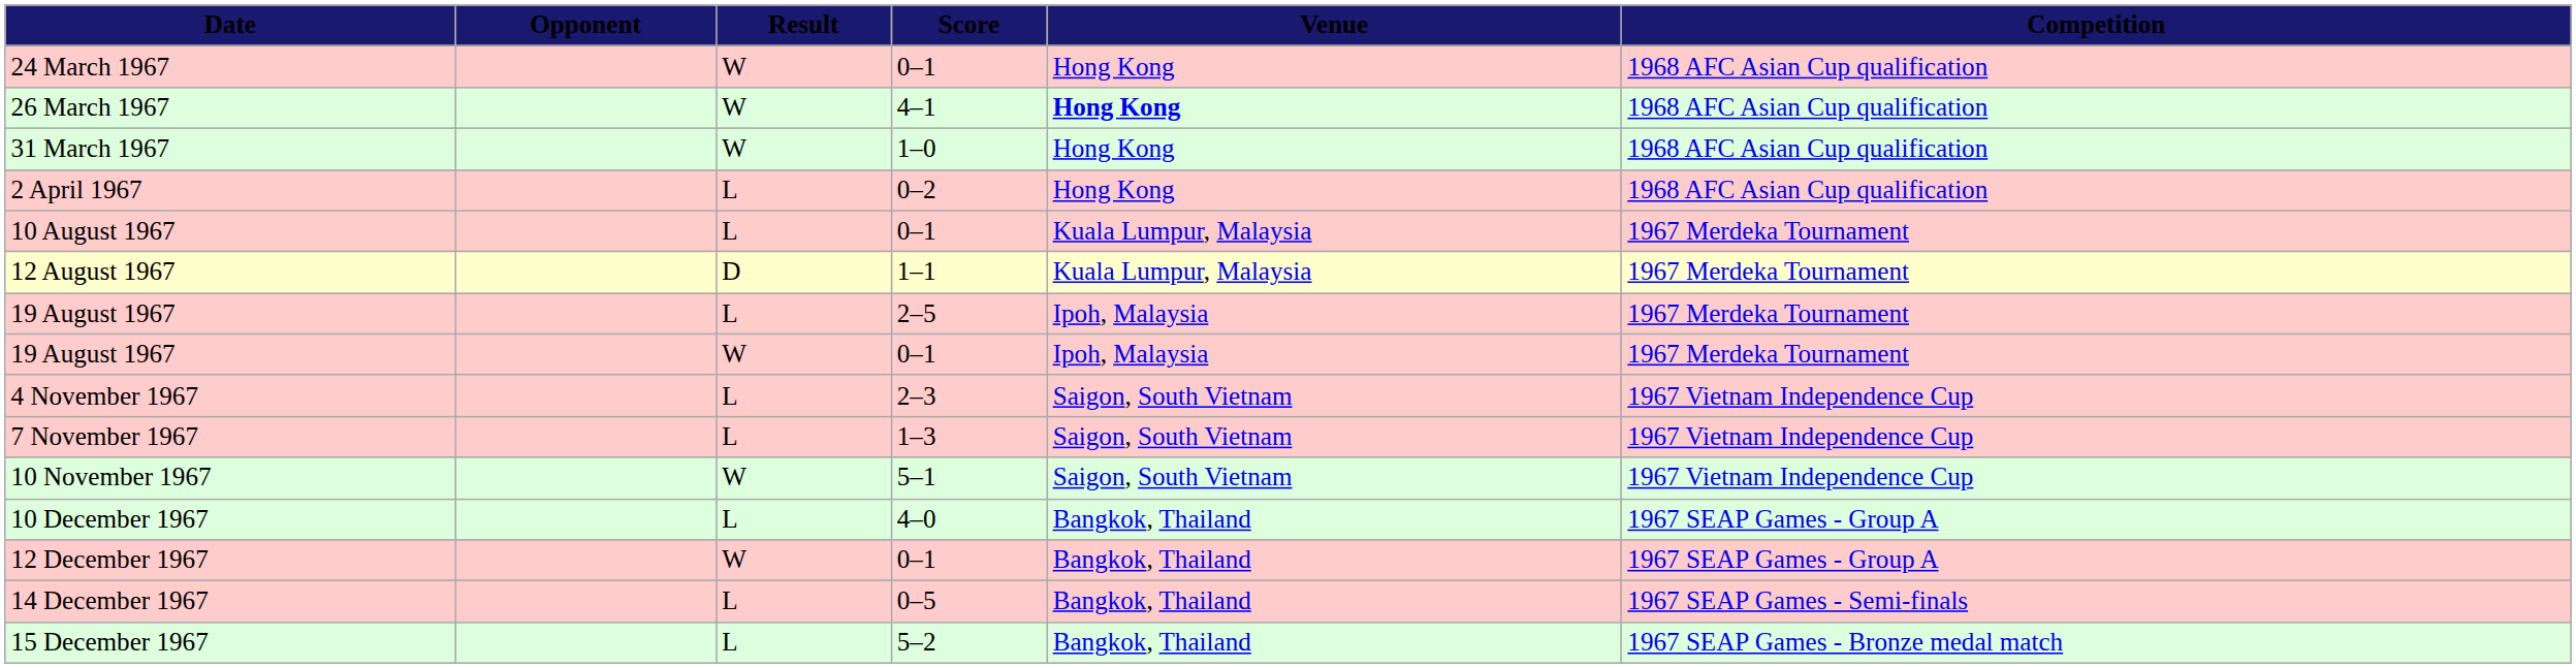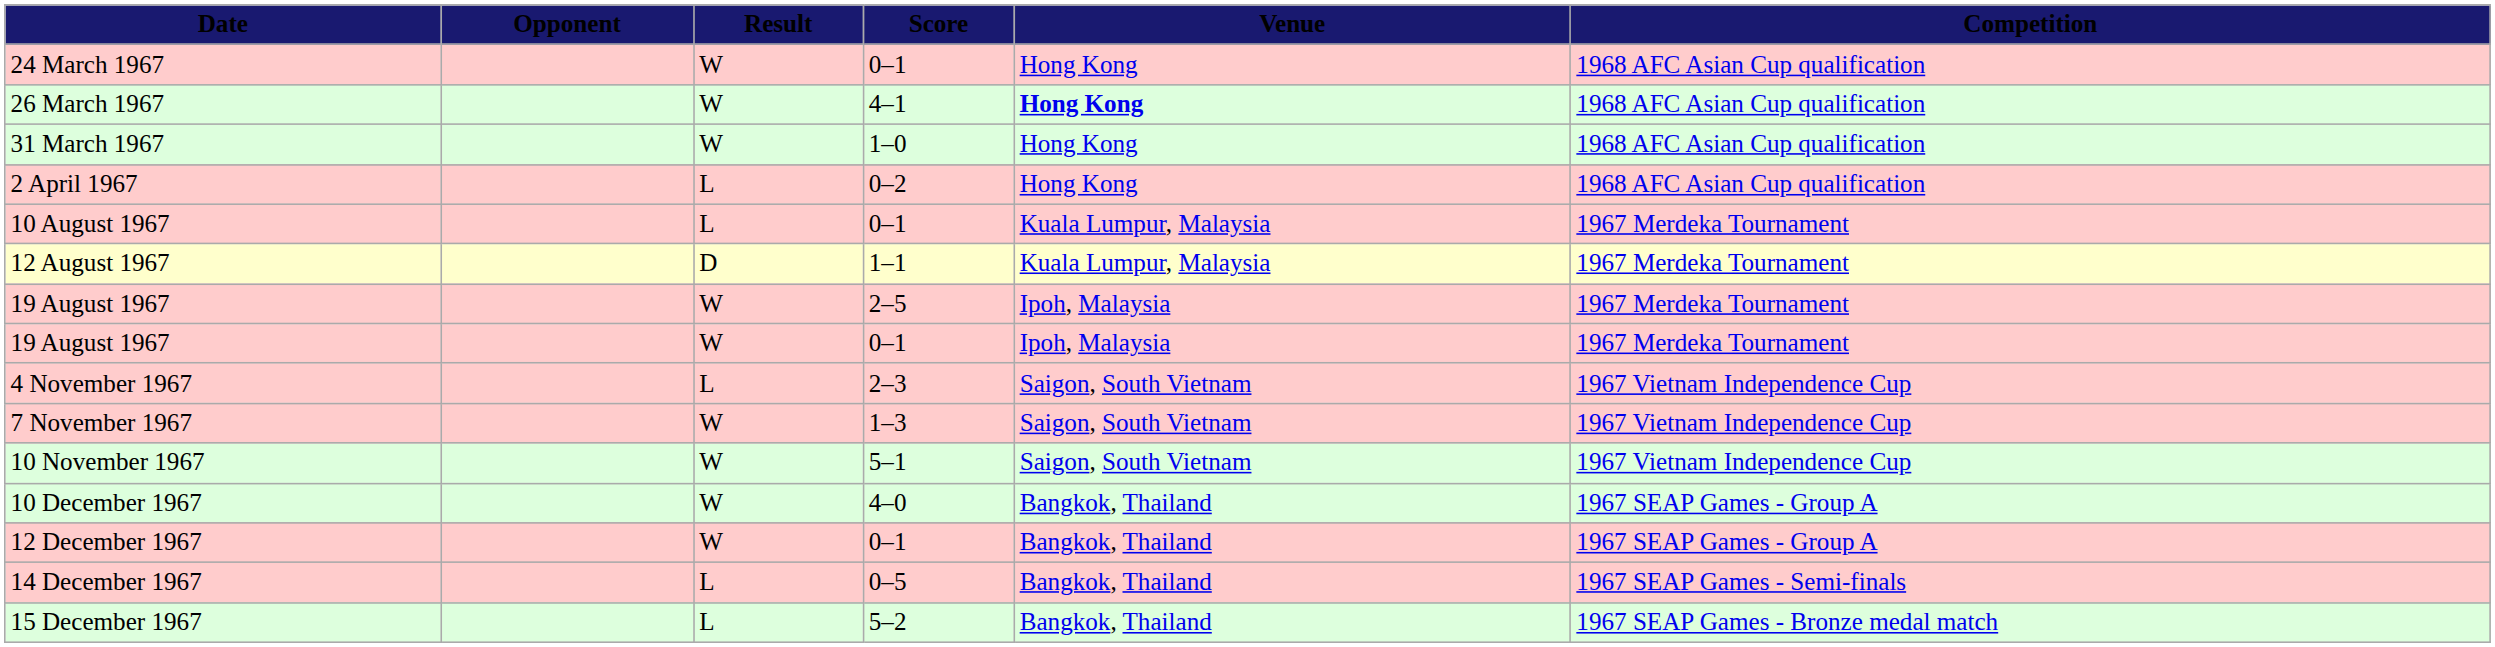 <table style="width:100%;" class="wikitable">
 <tr>
 <th style="background:#191970;"><span>Date</span></th>
 <th style="background:#191970;"><span>Opponent</span></th>
 <th style="background:#191970;"><span>Result</span></th>
 <th style="background:#191970;"><span>Score</span></th>
 <th style="background:#191970;"><span>Venue</span></th>
 <th style="background:#191970;"><span>Competition</span></th>
 </tr>
 <tr style="background:#fcc;">
 <td>24 March 1967</td>
 <td></td>
 <td>W</td>
 <td>0–1</td>
 <td> <a href='#'>Hong Kong</a></td>
 <td><a href='#'>1968 AFC Asian Cup qualification</a></td>
 </tr>
 <tr style="background:#dfd;">
 <td>26 March 1967</td>
 <td></td>
 <td>W</td>
 <td>4–1</td>
 <td><strong> <a href='#'>Hong Kong</a></strong></td>
 <td><a href='#'>1968 AFC Asian Cup qualification</a></td>
 </tr>
 <tr style="background:#dfd;">
 <td>31 March 1967</td>
 <td></td>
 <td>W</td>
 <td>1–0</td>
 <td> <a href='#'>Hong Kong</a></td>
 <td><a href='#'>1968 AFC Asian Cup qualification</a></td>
 </tr>
 <tr style="background:#fcc;">
 <td>2 April 1967</td>
 <td></td>
 <td>L</td>
 <td>0–2</td>
 <td> <a href='#'>Hong Kong</a></td>
 <td><a href='#'>1968 AFC Asian Cup qualification</a></td>
 </tr>
 <tr style="background:#fcc;">
 <td>10 August 1967</td>
 <td></td>
 <td>L</td>
 <td>0–1</td>
 <td> <a href='#'>Kuala Lumpur</a>, <a href='#'>Malaysia</a></td>
 <td><a href='#'>1967 Merdeka Tournament</a></td>
 </tr>
 <tr style="background:#ffc;">
 <td>12 August 1967</td>
 <td></td>
 <td>D</td>
 <td>1–1</td>
 <td> <a href='#'>Kuala Lumpur</a>, <a href='#'>Malaysia</a></td>
 <td><a href='#'>1967 Merdeka Tournament</a></td>
 </tr>
 <tr style="background:#fcc;">
 <td>19 August 1967</td>
 <td></td>
-<td>L</td>
+<td>W</td>
 <td>2–5</td>
 <td> <a href='#'>Ipoh</a>, <a href='#'>Malaysia</a></td>
 <td><a href='#'>1967 Merdeka Tournament</a></td>
 </tr>
 <tr style="background:#fcc;">
 <td>19 August 1967</td>
 <td></td>
 <td>W</td>
 <td>0–1</td>
 <td> <a href='#'>Ipoh</a>, <a href='#'>Malaysia</a></td>
 <td><a href='#'>1967 Merdeka Tournament</a></td>
 </tr>
 <tr style="background:#fcc;">
 <td>4 November 1967</td>
 <td></td>
 <td>L</td>
 <td>2–3</td>
 <td> <a href='#'>Saigon</a>, <a href='#'>South Vietnam</a></td>
 <td><a href='#'>1967 Vietnam Independence Cup</a></td>
 </tr>
 <tr style="background:#fcc;">
 <td>7 November 1967</td>
 <td></td>
-<td>L</td>
+<td>W</td>
 <td>1–3</td>
 <td> <a href='#'>Saigon</a>, <a href='#'>South Vietnam</a></td>
 <td><a href='#'>1967 Vietnam Independence Cup</a></td>
 </tr>
 <tr style="background:#dfd;">
 <td>10 November 1967</td>
 <td></td>
 <td>W</td>
 <td>5–1</td>
 <td> <a href='#'>Saigon</a>, <a href='#'>South Vietnam</a></td>
 <td><a href='#'>1967 Vietnam Independence Cup</a></td>
 </tr>
 <tr style="background:#dfd;">
 <td>10 December 1967</td>
 <td></td>
-<td>L</td>
+<td>W</td>
 <td>4–0</td>
 <td> <a href='#'>Bangkok</a>, <a href='#'>Thailand</a></td>
 <td><a href='#'>1967 SEAP Games - Group A</a></td>
 </tr>
 <tr style="background:#fcc;">
 <td>12 December 1967</td>
 <td></td>
 <td>W</td>
 <td>0–1</td>
 <td> <a href='#'>Bangkok</a>, <a href='#'>Thailand</a></td>
 <td><a href='#'>1967 SEAP Games - Group A</a></td>
 </tr>
 <tr style="background:#fcc;">
 <td>14 December 1967</td>
 <td></td>
 <td>L</td>
 <td>0–5</td>
 <td> <a href='#'>Bangkok</a>, <a href='#'>Thailand</a></td>
 <td><a href='#'>1967 SEAP Games - Semi-finals</a></td>
 </tr>
 <tr style="background:#dfd;">
 <td>15 December 1967</td>
 <td></td>
 <td>L</td>
 <td>5–2</td>
 <td> <a href='#'>Bangkok</a>, <a href='#'>Thailand</a></td>
 <td><a href='#'>1967 SEAP Games - Bronze medal match</a></td>
 </tr>
 </table>
